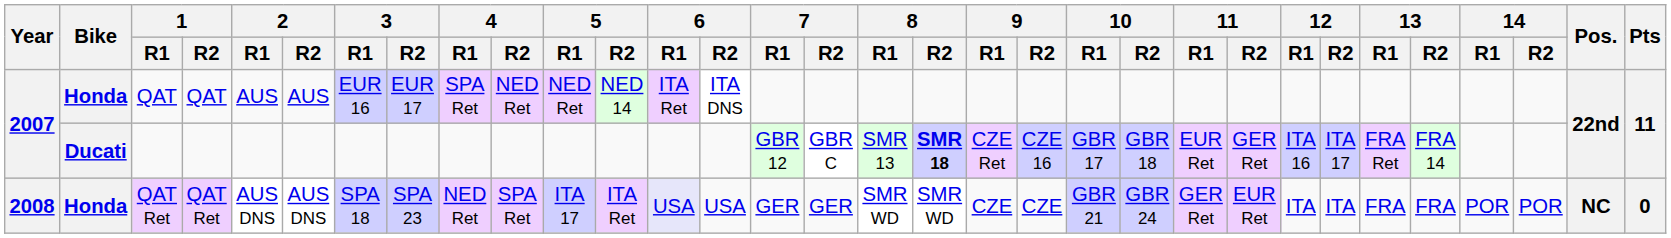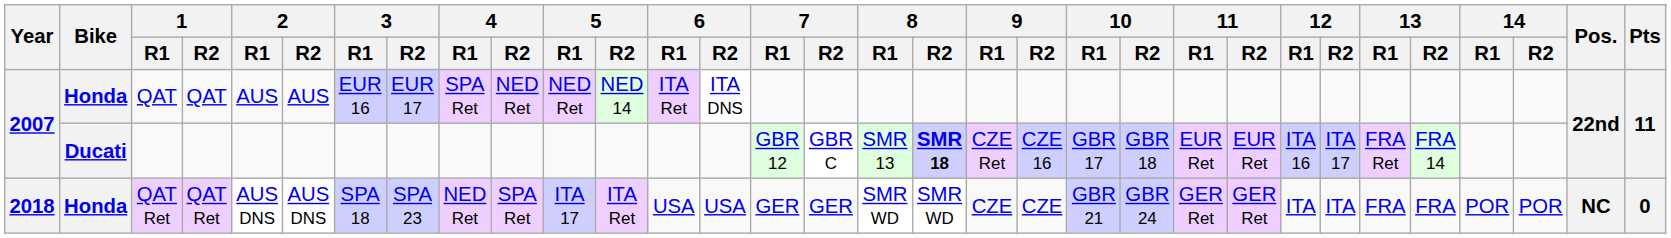 <table class="wikitable" style="text-align:center; font-size:90%">
 <tr>
 <th valign="middle" rowspan=2>Year</th>
 <th valign="middle" rowspan=2>Bike</th>
 <th colspan=2>1</th>
 <th colspan=2>2</th>
 <th colspan=2>3</th>
 <th colspan=2>4</th>
 <th colspan=2>5</th>
 <th colspan=2>6</th>
 <th colspan=2>7</th>
 <th colspan=2>8</th>
 <th colspan=2>9</th>
 <th colspan=2>10</th>
 <th colspan=2>11</th>
 <th colspan=2>12</th>
 <th colspan=2>13</th>
 <th colspan=2>14</th>
 <th rowspan=2>Pos.</th>
 <th rowspan=2>Pts</th>
 </tr>
 <tr>
 <th>R1</th>
 <th>R2</th>
 <th>R1</th>
 <th>R2</th>
 <th>R1</th>
 <th>R2</th>
 <th>R1</th>
 <th>R2</th>
 <th>R1</th>
 <th>R2</th>
 <th>R1</th>
 <th>R2</th>
 <th>R1</th>
 <th>R2</th>
 <th>R1</th>
 <th>R2</th>
 <th>R1</th>
 <th>R2</th>
 <th>R1</th>
 <th>R2</th>
 <th>R1</th>
 <th>R2</th>
 <th>R1</th>
 <th>R2</th>
 <th>R1</th>
 <th>R2</th>
 <th>R1</th>
 <th>R2</th>
 </tr>
 <tr>
 <th rowspan=2><a href='#'>2007</a></th>
 <th><a href='#'>Honda</a></th>
 <td><a href='#'>QAT</a></td>
 <td><a href='#'>QAT</a></td>
 <td><a href='#'>AUS</a></td>
 <td><a href='#'>AUS</a></td>
 <td style="background:#CFCFFF;"><a href='#'>EUR</a><br><small>16</small></td>
 <td style="background:#CFCFFF;"><a href='#'>EUR</a><br><small>17</small></td>
 <td style="background:#EFCFFF;"><a href='#'>SPA</a><br><small>Ret</small></td>
 <td style="background:#EFCFFF;"><a href='#'>NED</a><br><small>Ret</small></td>
 <td style="background:#EFCFFF;"><a href='#'>NED</a><br><small>Ret</small></td>
 <td style="background:#DFFFDF;"><a href='#'>NED</a><br><small>14</small></td>
 <td style="background:#EFCFFF;"><a href='#'>ITA</a><br><small>Ret</small></td>
 <td style="background:#FFFFFF;"><a href='#'>ITA</a><br><small>DNS</small></td>
 <td></td>
 <td></td>
 <td></td>
 <td></td>
 <td></td>
 <td></td>
 <td></td>
 <td></td>
 <td></td>
 <td></td>
 <td></td>
 <td></td>
 <td></td>
 <td></td>
 <td></td>
 <td></td>
 <th rowspan=2>22nd</th>
 <th rowspan=2>11</th>
 </tr>
 <tr>
 <th><a href='#'>Ducati</a></th>
 <td></td>
 <td></td>
 <td></td>
 <td></td>
 <td></td>
 <td></td>
 <td></td>
 <td></td>
 <td></td>
 <td></td>
 <td></td>
 <td></td>
 <td style="background:#DFFFDF;"><a href='#'>GBR</a><br><small>12</small></td>
 <td style="background:#FFFFFF;"><a href='#'>GBR</a><br><small>C</small></td>
 <td style="background:#DFFFDF;"><a href='#'>SMR</a><br><small>13</small></td>
 <td style="background:#CFCFFF;"><strong><a href='#'>SMR</a><br><small>18</small></strong></td>
 <td style="background:#EFCFFF;"><a href='#'>CZE</a><br><small>Ret</small></td>
 <td style="background:#CFCFFF;"><a href='#'>CZE</a><br><small>16</small></td>
 <td style="background:#CFCFFF;"><a href='#'>GBR</a><br><small>17</small></td>
 <td style="background:#CFCFFF;"><a href='#'>GBR</a><br><small>18</small></td>
 <td style="background:#EFCFFF;"><a href='#'>EUR</a><br><small>Ret</small></td>
-<td style="background:#EFCFFF;"><a href='#'>GER</a><br><small>Ret</small></td>
+<td style="background:#EFCFFF;"><a href='#'>EUR</a><br><small>Ret</small></td>
 <td style="background:#CFCFFF;"><a href='#'>ITA</a><br><small>16</small></td>
 <td style="background:#CFCFFF;"><a href='#'>ITA</a><br><small>17</small></td>
 <td style="background:#EFCFFF;"><a href='#'>FRA</a><br><small>Ret</small></td>
 <td style="background:#DFFFDF;"><a href='#'>FRA</a><br><small>14</small></td>
 <td></td>
 <td></td>
 </tr>
 <tr>
-<th><a href='#'>2008</a></th>
+<th><a href='#'>2018</a></th>
 <th><a href='#'>Honda</a></th>
 <td style="background:#EFCFFF;"><a href='#'>QAT</a><br><small>Ret</small></td>
 <td style="background:#EFCFFF;"><a href='#'>QAT</a><br><small>Ret</small></td>
 <td style="background:#FFFFFF;"><a href='#'>AUS</a><br><small>DNS</small></td>
 <td style="background:#FFFFFF;"><a href='#'>AUS</a><br><small>DNS</small></td>
 <td style="background:#CFCFFF;"><a href='#'>SPA</a><br><small>18</small></td>
 <td style="background:#CFCFFF;"><a href='#'>SPA</a><br><small>23</small></td>
 <td style="background:#EFCFFF;"><a href='#'>NED</a><br><small>Ret</small></td>
 <td style="background:#EFCFFF;"><a href='#'>SPA</a><br><small>Ret</small></td>
 <td style="background:#CFCFFF;"><a href='#'>ITA</a><br><small>17</small></td>
 <td style="background:#EFCFFF;"><a href='#'>ITA</a><br><small>Ret</small></td>
-<td style="background: lavender;"><a href='#'>USA</a></td>
+<td><a href='#'>USA</a></td>
 <td><a href='#'>USA</a></td>
 <td><a href='#'>GER</a></td>
 <td><a href='#'>GER</a></td>
 <td style="background:#FFFFFF;"><a href='#'>SMR</a><br><small>WD</small></td>
 <td style="background:#FFFFFF;"><a href='#'>SMR</a><br><small>WD</small></td>
 <td><a href='#'>CZE</a></td>
 <td><a href='#'>CZE</a></td>
 <td style="background:#CFCFFF;"><a href='#'>GBR</a><br><small>21</small></td>
 <td style="background:#CFCFFF;"><a href='#'>GBR</a><br><small>24</small></td>
 <td style="background:#EFCFFF;"><a href='#'>GER</a><br><small>Ret</small></td>
-<td style="background:#EFCFFF;"><a href='#'>EUR</a><br><small>Ret</small></td>
+<td style="background:#EFCFFF;"><a href='#'>GER</a><br><small>Ret</small></td>
 <td><a href='#'>ITA</a></td>
 <td><a href='#'>ITA</a></td>
 <td><a href='#'>FRA</a></td>
 <td><a href='#'>FRA</a></td>
 <td><a href='#'>POR</a></td>
 <td><a href='#'>POR</a></td>
 <th>NC</th>
 <th>0</th>
 </tr>
 </table>
